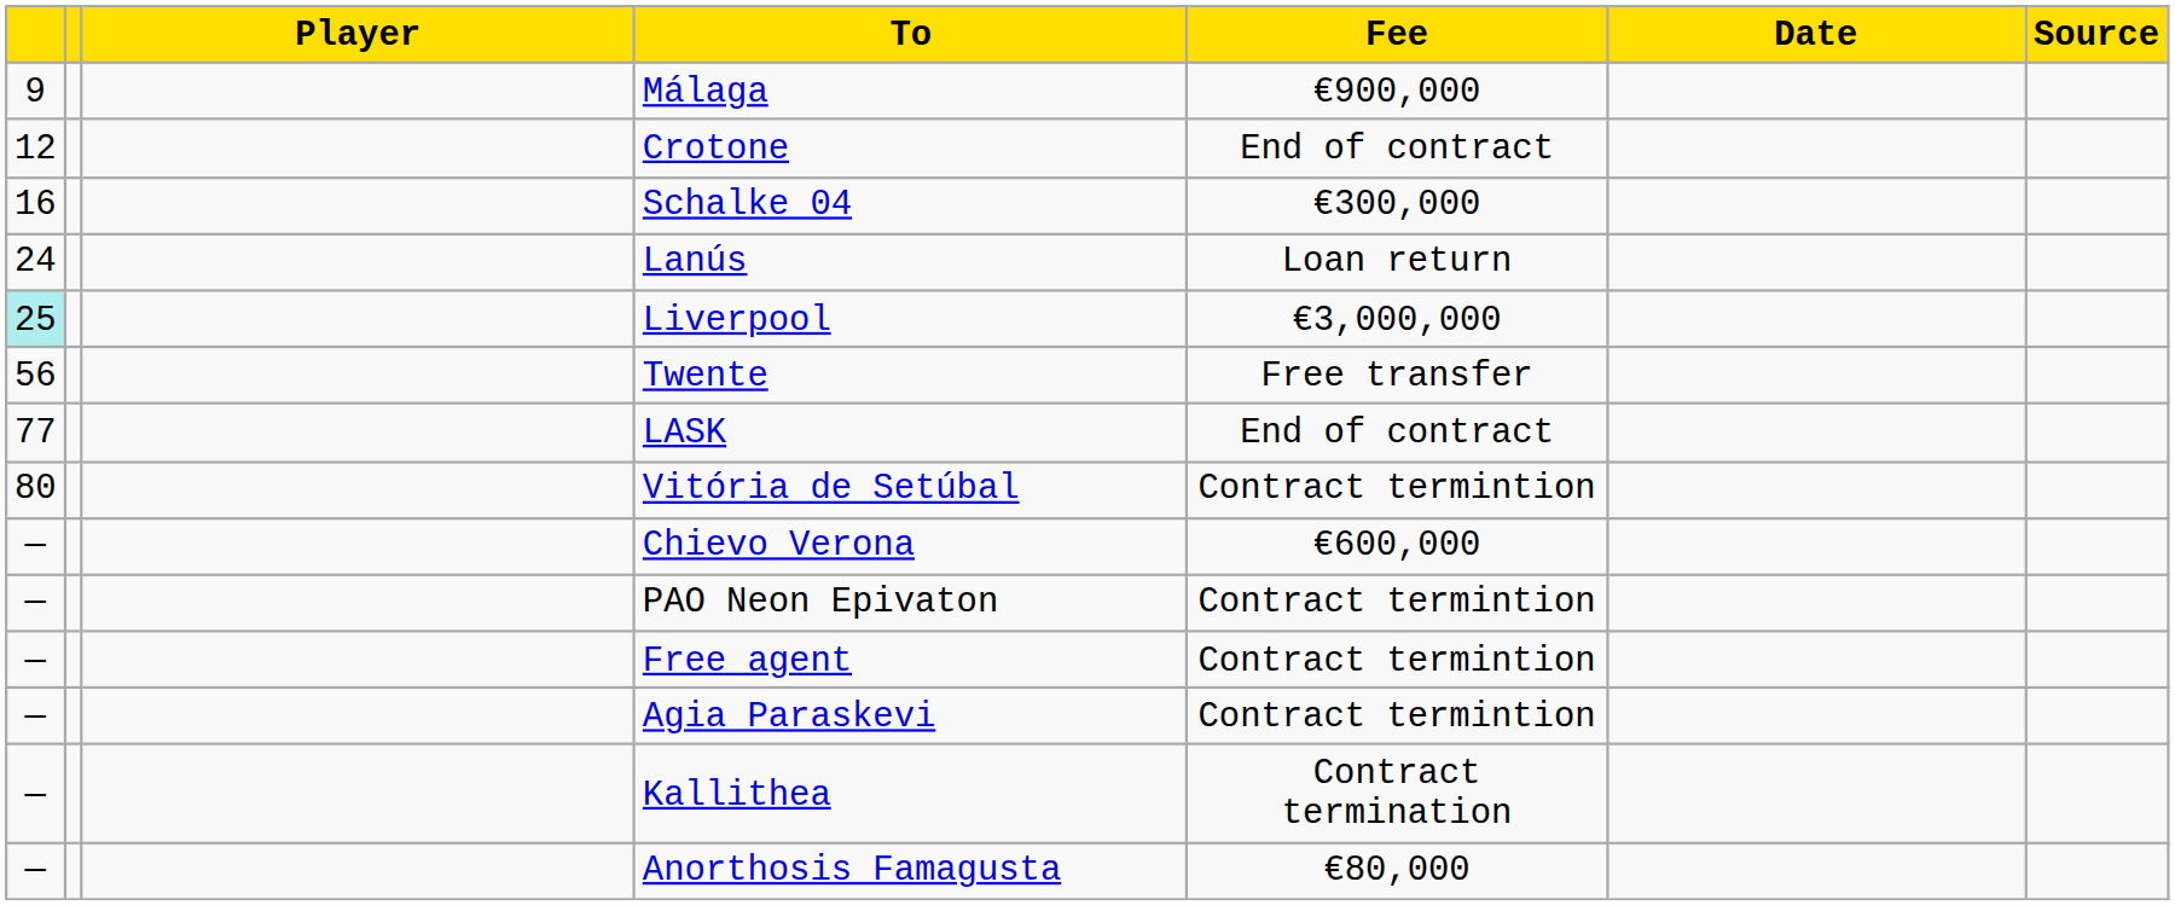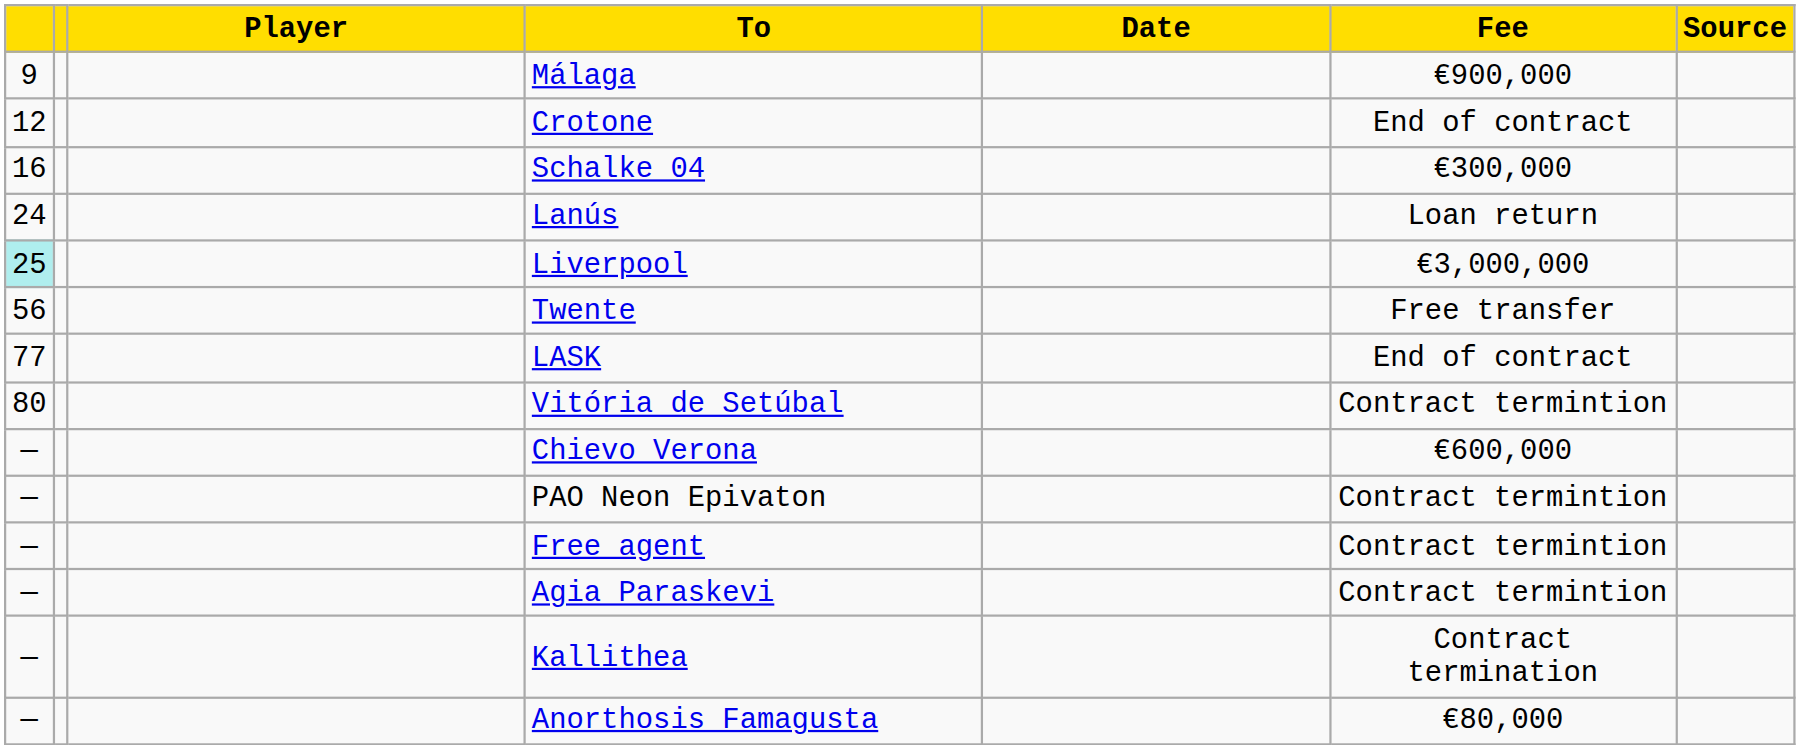 <table class="wikitable sortable">
 <tr>
 <th style="background:#FFDE00"></th>
 <th style="background:#FFDE00"></th>
 <th width=200 style="background:#FFDE00">Player</th>
 <th width=200 style="background:#FFDE00">To</th>
+<th width=150 style="background:#FFDE00">Date</th>
 <th width=150 style="background:#FFDE00">Fee</th>
-<th width=150 style="background:#FFDE00">Date</th>
 <th style="background:#FFDE00">Source</th>
 </tr>
 <tr>
 <td align=center>9</td>
 <td align=center></td>
 <td></td>
 <td> <a href='#'>Málaga</a></td>
+<td align=center></td>
 <td align=center>€900,000</td>
-<td align=center></td>
 <td align=center></td>
 </tr>
 <tr>
 <td align=center>12</td>
 <td align=center></td>
 <td></td>
 <td> <a href='#'>Crotone</a></td>
+<td align=center></td>
 <td align=center>End of contract</td>
-<td align=center></td>
 <td align=center></td>
 </tr>
 <tr>
 <td align=center>16</td>
 <td align=center></td>
 <td></td>
 <td> <a href='#'>Schalke 04</a></td>
+<td align=center></td>
 <td align=center>€300,000</td>
-<td align=center></td>
 <td align=center></td>
 </tr>
 <tr>
 <td align=center>24</td>
 <td align=center></td>
 <td></td>
 <td> <a href='#'>Lanús</a></td>
+<td align=center></td>
 <td align=center>Loan return</td>
-<td align=center></td>
 <td align=center></td>
 </tr>
 <tr>
 <td align=center style="background: paleturquoise;">25</td>
 <td align=center></td>
 <td></td>
 <td> <a href='#'>Liverpool</a></td>
+<td align=center></td>
 <td align=center>€3,000,000</td>
-<td align=center></td>
 <td align=center></td>
 </tr>
 <tr>
 <td align=center>56</td>
 <td align=center></td>
 <td></td>
 <td> <a href='#'>Twente</a></td>
+<td align=center></td>
 <td align=center>Free transfer</td>
-<td align=center></td>
 <td align=center></td>
 </tr>
 <tr>
 <td align=center>77</td>
 <td align=center></td>
 <td></td>
 <td> <a href='#'>LASK</a></td>
+<td align=center></td>
 <td align=center>End of contract</td>
-<td align=center></td>
 <td align=center></td>
 </tr>
 <tr>
 <td align=center>80</td>
 <td align=center></td>
 <td></td>
 <td> <a href='#'>Vitória de Setúbal</a></td>
+<td align=center></td>
 <td align=center>Contract termintion</td>
-<td align=center></td>
 <td align=center></td>
 </tr>
 <tr>
 <td align=center>—</td>
 <td align=center></td>
 <td></td>
 <td> <a href='#'>Chievo Verona</a></td>
+<td align=center></td>
 <td align=center>€600,000</td>
-<td align=center></td>
 <td align=center></td>
 </tr>
 <tr>
 <td align=center>—</td>
 <td align=center></td>
 <td></td>
 <td> PAO Neon Epivaton</td>
+<td align=center></td>
 <td align=center>Contract termintion</td>
-<td align=center></td>
 <td align=center></td>
 </tr>
 <tr>
 <td align=center>—</td>
 <td align=center></td>
 <td></td>
 <td><a href='#'>Free agent</a></td>
+<td align=center></td>
 <td align=center>Contract termintion</td>
-<td align=center></td>
 <td align=center></td>
 </tr>
 <tr>
 <td align=center>—</td>
 <td align=center></td>
 <td></td>
 <td> <a href='#'>Agia Paraskevi</a></td>
+<td align=center></td>
 <td align=center>Contract termintion</td>
-<td align=center></td>
 <td align=center></td>
 </tr>
 <tr>
 <td align=center>—</td>
 <td align=center></td>
 <td></td>
 <td> <a href='#'>Kallithea</a></td>
+<td align=center></td>
 <td align=center>Contract termination</td>
-<td align=center></td>
 <td align=center></td>
 </tr>
 <tr>
 <td align=center>—</td>
 <td align=center></td>
 <td></td>
 <td> <a href='#'>Anorthosis Famagusta</a></td>
+<td align=center></td>
 <td align=center>€80,000</td>
-<td align=center></td>
 <td align=center></td>
 </tr>
 </table>
